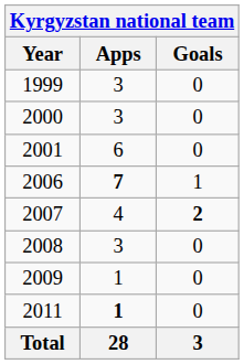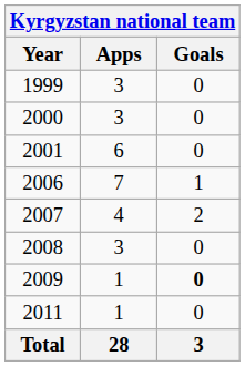 <table class="wikitable" style="text-align:center">
 <tr>
 <th colspan=3><a href='#'>Kyrgyzstan national team</a></th>
 </tr>
 <tr>
 <th>Year</th>
 <th>Apps</th>
 <th>Goals</th>
 </tr>
 <tr>
 <td>1999</td>
 <td>3</td>
 <td>0</td>
 </tr>
 <tr>
 <td>2000</td>
 <td>3</td>
 <td>0</td>
 </tr>
 <tr>
 <td>2001</td>
 <td>6</td>
 <td>0</td>
 </tr>
 <tr>
 <td>2006</td>
-<td><strong>7</strong></td>
+<td>7</td>
 <td>1</td>
 </tr>
 <tr>
 <td>2007</td>
 <td>4</td>
-<td><strong>2</strong></td>
+<td>2</td>
 </tr>
 <tr>
 <td>2008</td>
 <td>3</td>
 <td>0</td>
 </tr>
 <tr>
 <td>2009</td>
 <td>1</td>
-<td>0</td>
+<td><strong>0</strong></td>
 </tr>
 <tr>
 <td>2011</td>
-<td><strong>1</strong></td>
+<td>1</td>
 <td>0</td>
 </tr>
 <tr>
 <th>Total</th>
 <th>28</th>
 <th>3</th>
 </tr>
 </table>
